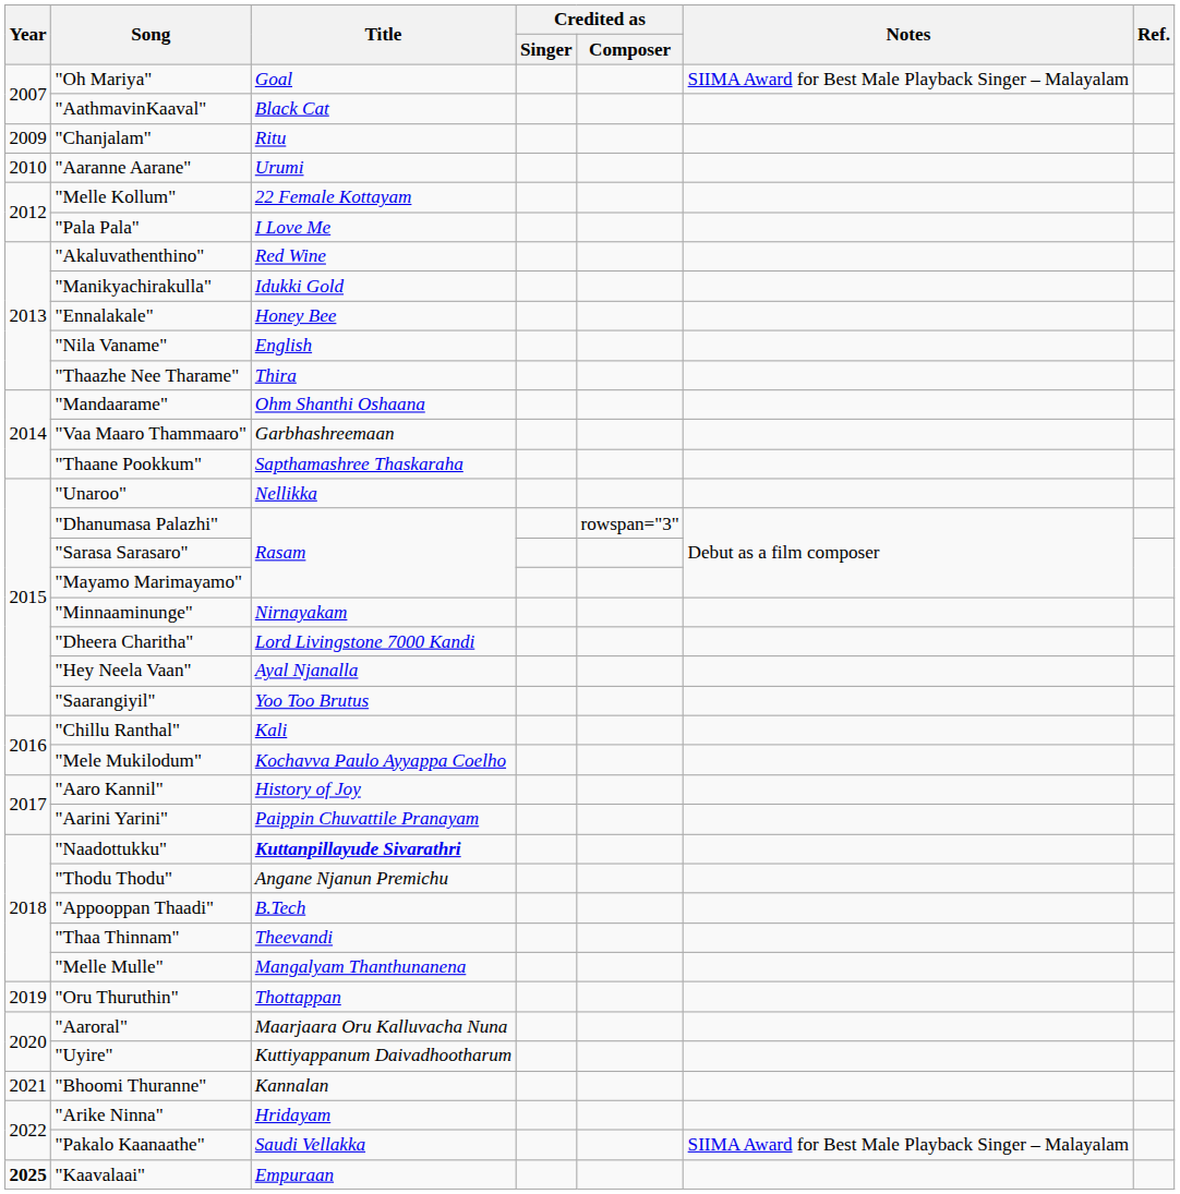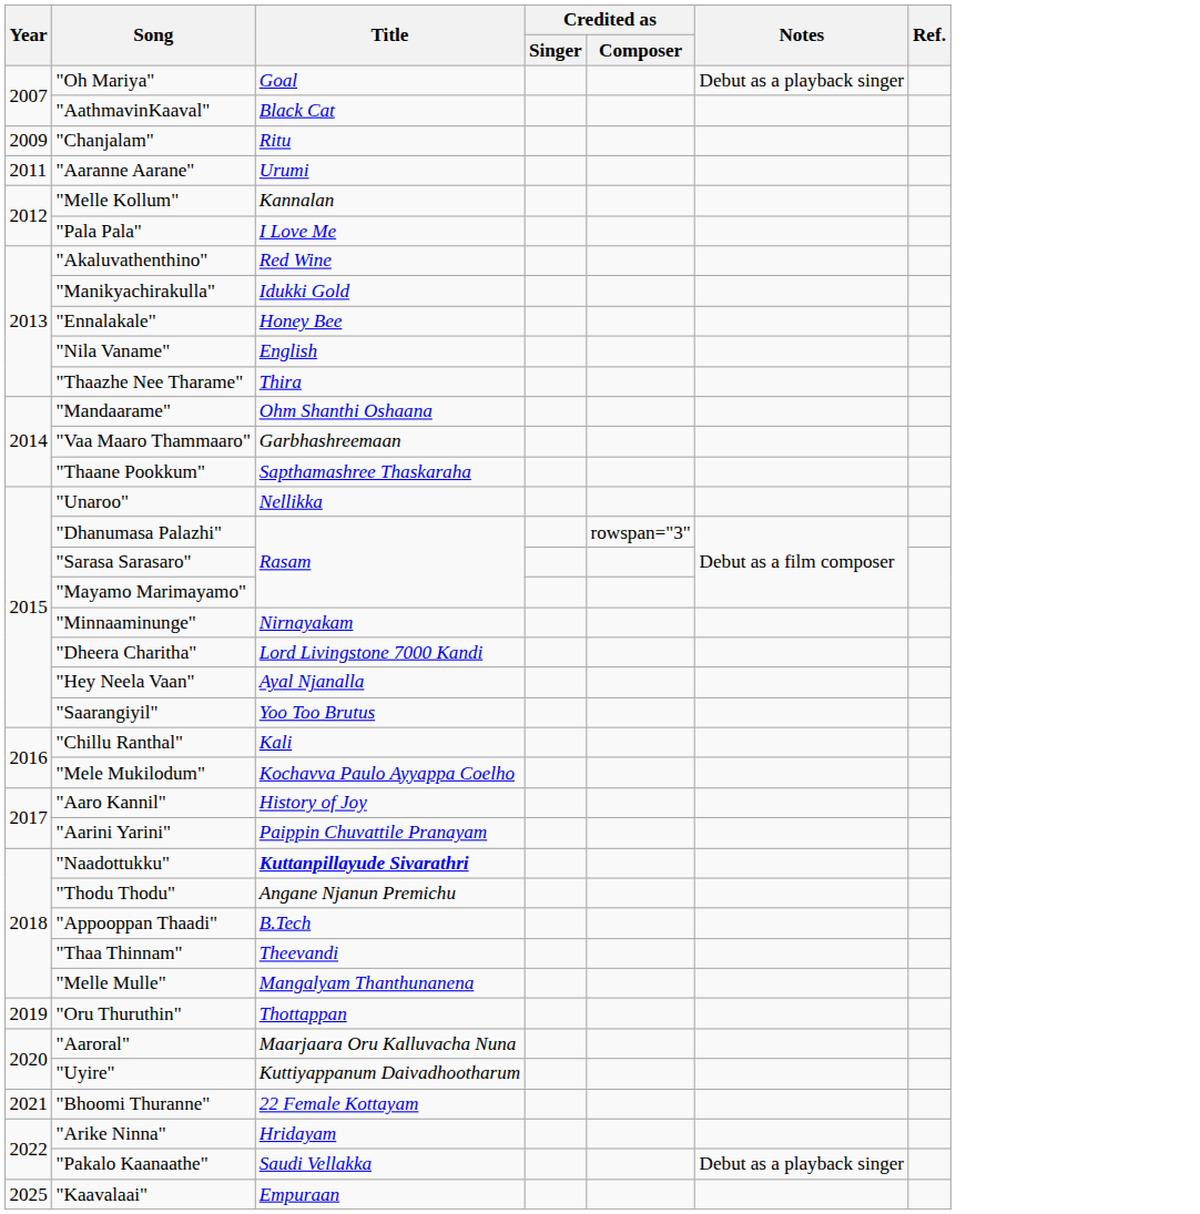 <table class="wikitable sortable">
 <tr>
 <th rowspan="2">Year</th>
 <th rowspan="2">Song</th>
 <th rowspan="2" class="unsortable">Title</th>
 <th colspan="2">Credited as</th>
 <th rowspan="2">Notes</th>
 <th rowspan="2">Ref.</th>
 </tr>
 <tr>
 <th>Singer</th>
 <th>Composer</th>
 </tr>
 <tr>
 <td rowspan="2">2007</td>
 <td>"Oh Mariya"</td>
 <td><em><a href='#'>Goal</a></em></td>
 <td></td>
 <td></td>
-<td><a href='#'>SIIMA Award</a> for Best Male Playback Singer – Malayalam</td>
+<td>Debut as a playback singer</td>
 <td></td>
 </tr>
 <tr>
 <td>"AathmavinKaaval"</td>
 <td><em><a href='#'>Black Cat</a></em></td>
 <td></td>
 <td></td>
 <td></td>
 <td></td>
 </tr>
 <tr>
 <td>2009</td>
 <td>"Chanjalam"</td>
 <td><em><a href='#'>Ritu</a></em></td>
 <td></td>
 <td></td>
 <td></td>
 <td></td>
 </tr>
 <tr>
-<td>2010</td>
+<td>2011</td>
 <td>"Aaranne Aarane"</td>
 <td><em><a href='#'>Urumi</a></em></td>
 <td></td>
 <td></td>
 <td></td>
 <td></td>
 </tr>
 <tr>
 <td rowspan="2">2012</td>
 <td>"Melle Kollum"</td>
-<td><em><a href='#'>22 Female Kottayam</a></em></td>
+<td><em>Kannalan</em></td>
 <td></td>
 <td></td>
 <td></td>
 <td></td>
 </tr>
 <tr>
 <td>"Pala Pala"</td>
 <td><em><a href='#'>I Love Me</a></em></td>
 <td></td>
 <td></td>
 <td></td>
 <td></td>
 </tr>
 <tr>
 <td rowspan="5">2013</td>
 <td>"Akaluvathenthino"</td>
 <td><em><a href='#'>Red Wine</a></em></td>
 <td></td>
 <td></td>
 <td></td>
 <td></td>
 </tr>
 <tr>
 <td>"Manikyachirakulla"</td>
 <td><em><a href='#'>Idukki Gold</a></em></td>
 <td></td>
 <td></td>
 <td></td>
 <td></td>
 </tr>
 <tr>
 <td>"Ennalakale"</td>
 <td><em><a href='#'>Honey Bee</a></em></td>
 <td></td>
 <td></td>
 <td></td>
 <td></td>
 </tr>
 <tr>
 <td>"Nila Vaname"</td>
 <td><em><a href='#'>English</a></em></td>
 <td></td>
 <td></td>
 <td></td>
 <td></td>
 </tr>
 <tr>
 <td>"Thaazhe Nee Tharame"</td>
 <td><em><a href='#'>Thira</a></em></td>
 <td></td>
 <td></td>
 <td></td>
 <td></td>
 </tr>
 <tr>
 <td rowspan="3">2014</td>
 <td>"Mandaarame"</td>
 <td><em><a href='#'>Ohm Shanthi Oshaana</a></em></td>
 <td></td>
 <td></td>
 <td></td>
 <td></td>
 </tr>
 <tr>
 <td>"Vaa Maaro Thammaaro"</td>
 <td><em>Garbhashreemaan</em></td>
 <td></td>
 <td></td>
 <td></td>
 <td></td>
 </tr>
 <tr>
 <td>"Thaane Pookkum"</td>
 <td><em><a href='#'>Sapthamashree Thaskaraha</a></em></td>
 <td></td>
 <td></td>
 <td></td>
 <td></td>
 </tr>
 <tr>
 <td rowspan="8">2015</td>
 <td>"Unaroo"</td>
 <td><em><a href='#'>Nellikka</a></em></td>
 <td></td>
 <td></td>
 <td></td>
 <td></td>
 </tr>
 <tr>
 <td>"Dhanumasa Palazhi"</td>
 <td rowspan="3"><em><a href='#'>Rasam</a></em></td>
 <td></td>
 <td>rowspan="3" </td>
 <td rowspan="3">Debut as a film composer</td>
 <td></td>
 </tr>
 <tr>
 <td>"Sarasa Sarasaro"</td>
 <td></td>
 <td></td>
 </tr>
 <tr>
 <td>"Mayamo Marimayamo"</td>
 <td></td>
 <td></td>
 </tr>
 <tr>
 <td>"Minnaaminunge"</td>
 <td><em><a href='#'>Nirnayakam</a></em></td>
 <td></td>
 <td></td>
 <td></td>
 <td></td>
 </tr>
 <tr>
 <td>"Dheera Charitha"</td>
 <td><em><a href='#'>Lord Livingstone 7000 Kandi</a></em></td>
 <td></td>
 <td></td>
 <td></td>
 <td></td>
 </tr>
 <tr>
 <td>"Hey Neela Vaan"</td>
 <td><em><a href='#'>Ayal Njanalla</a></em></td>
 <td></td>
 <td></td>
 <td></td>
 <td></td>
 </tr>
 <tr>
 <td>"Saarangiyil"</td>
 <td><em><a href='#'>Yoo Too Brutus</a></em></td>
 <td></td>
 <td></td>
 <td></td>
 <td></td>
 </tr>
 <tr>
 <td rowspan="2">2016</td>
 <td>"Chillu Ranthal"</td>
 <td><em><a href='#'>Kali</a></em></td>
 <td></td>
 <td></td>
 <td></td>
 <td></td>
 </tr>
 <tr>
 <td>"Mele Mukilodum"</td>
 <td><em><a href='#'>Kochavva Paulo Ayyappa Coelho</a></em></td>
 <td></td>
 <td></td>
 <td></td>
 <td></td>
 </tr>
 <tr>
 <td rowspan="2">2017</td>
 <td>"Aaro Kannil"</td>
 <td><em><a href='#'>History of Joy</a></em></td>
 <td></td>
 <td></td>
 <td></td>
 <td></td>
 </tr>
 <tr>
 <td>"Aarini Yarini"</td>
 <td><em><a href='#'>Paippin Chuvattile Pranayam</a></em></td>
 <td></td>
 <td></td>
 <td></td>
 <td></td>
 </tr>
 <tr>
 <td rowspan="5">2018</td>
 <td>"Naadottukku"</td>
 <td><strong><em><a href='#'>Kuttanpillayude Sivarathri</a></em></strong></td>
 <td></td>
 <td></td>
 <td></td>
 <td></td>
 </tr>
 <tr>
 <td>"Thodu Thodu"</td>
 <td><em>Angane Njanun Premichu</em></td>
 <td></td>
 <td></td>
 <td></td>
 <td></td>
 </tr>
 <tr>
 <td>"Appooppan Thaadi"</td>
 <td><em><a href='#'>B.Tech</a></em></td>
 <td></td>
 <td></td>
 <td></td>
 <td></td>
 </tr>
 <tr>
 <td>"Thaa Thinnam"</td>
 <td><em><a href='#'>Theevandi</a></em></td>
 <td></td>
 <td></td>
 <td></td>
 <td></td>
 </tr>
 <tr>
 <td>"Melle Mulle"</td>
 <td><em><a href='#'>Mangalyam Thanthunanena</a></em></td>
 <td></td>
 <td></td>
 <td></td>
 <td></td>
 </tr>
 <tr>
 <td>2019</td>
 <td>"Oru Thuruthin"</td>
 <td><em><a href='#'>Thottappan</a></em></td>
 <td></td>
 <td></td>
 <td></td>
 <td></td>
 </tr>
 <tr>
 <td rowspan="2">2020</td>
 <td>"Aaroral"</td>
 <td><em>Maarjaara Oru Kalluvacha Nuna</em></td>
 <td></td>
 <td></td>
 <td></td>
 <td></td>
 </tr>
 <tr>
 <td>"Uyire"</td>
 <td><em>Kuttiyappanum Daivadhootharum</em></td>
 <td></td>
 <td></td>
 <td></td>
 <td></td>
 </tr>
 <tr>
 <td>2021</td>
 <td>"Bhoomi Thuranne"</td>
-<td><em>Kannalan</em></td>
+<td><em><a href='#'>22 Female Kottayam</a></em></td>
 <td></td>
 <td></td>
 <td></td>
 <td></td>
 </tr>
 <tr>
 <td rowspan="2">2022</td>
 <td>"Arike Ninna"</td>
 <td><em><a href='#'>Hridayam</a></em></td>
 <td></td>
 <td></td>
 <td></td>
 <td></td>
 </tr>
 <tr>
 <td>"Pakalo Kaanaathe"</td>
 <td><em><a href='#'>Saudi Vellakka</a></em></td>
 <td></td>
 <td></td>
-<td><a href='#'>SIIMA Award</a> for Best Male Playback Singer – Malayalam</td>
+<td>Debut as a playback singer</td>
 <td></td>
 </tr>
 <tr>
-<td><strong>2025</strong></td>
+<td>2025</td>
 <td>"Kaavalaai"</td>
 <td><em><a href='#'>Empuraan</a></em></td>
 <td></td>
 <td></td>
 <td></td>
 </tr>
 </table>
